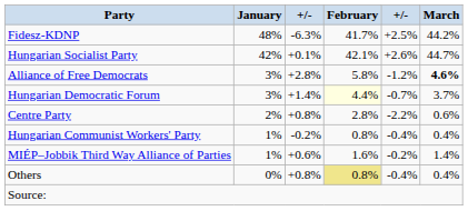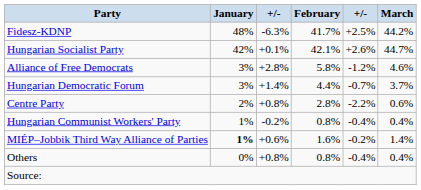 <table class="wikitable">
 <tr>
 <th style="background:#CCDDEE;">Party</th>
 <th style="background:#CCDDEE;">January</th>
 <th style="background:#CCDDEE;">+/-</th>
 <th style="background:#CCDDEE;">February</th>
 <th style="background:#CCDDEE;">+/-</th>
 <th style="background:#CCDDEE;">March</th>
 </tr>
 <tr>
 <td><a href='#'>Fidesz-KDNP</a></td>
 <td align=right>48%</td>
 <td align=right>-6.3%</td>
 <td align=right>41.7%</td>
 <td align=right>+2.5%</td>
 <td align=right>44.2%</td>
 </tr>
 <tr>
 <td><a href='#'>Hungarian Socialist Party</a></td>
 <td align=right>42%</td>
 <td align=right>+0.1%</td>
 <td align=right>42.1%</td>
 <td align=right>+2.6%</td>
 <td align=right>44.7%</td>
 </tr>
 <tr>
 <td><a href='#'>Alliance of Free Democrats</a></td>
 <td align=right>3%</td>
 <td align=right>+2.8%</td>
 <td align=right>5.8%</td>
 <td align=right>-1.2%</td>
-<td align=right><strong>4.6%</strong></td>
+<td align=right>4.6%</td>
 </tr>
 <tr>
 <td><a href='#'>Hungarian Democratic Forum</a></td>
 <td align=right>3%</td>
 <td align=right>+1.4%</td>
-<td align=right style="background: lightyellow;">4.4%</td>
+<td align=right>4.4%</td>
 <td align=right>-0.7%</td>
 <td align=right>3.7%</td>
 </tr>
 <tr>
 <td><a href='#'>Centre Party</a></td>
 <td align=right>2%</td>
 <td align=right>+0.8%</td>
 <td align=right>2.8%</td>
 <td align=right>-2.2%</td>
 <td align=right>0.6%</td>
 </tr>
 <tr>
 <td><a href='#'>Hungarian Communist Workers' Party</a></td>
 <td align=right>1%</td>
 <td align=right>-0.2%</td>
 <td align=right>0.8%</td>
 <td align=right>-0.4%</td>
 <td align=right>0.4%</td>
 </tr>
 <tr>
 <td><a href='#'>MIÉP–Jobbik Third Way Alliance of Parties</a></td>
-<td align=right>1%</td>
+<td align=right><strong>1%</strong></td>
 <td align=right>+0.6%</td>
 <td align=right>1.6%</td>
 <td align=right>-0.2%</td>
 <td align=right>1.4%</td>
 </tr>
 <tr>
 <td>Others</td>
 <td align=right>0%</td>
 <td align=right>+0.8%</td>
-<td align=right style="background: khaki;">0.8%</td>
+<td align=right>0.8%</td>
 <td align=right>-0.4%</td>
 <td align=right>0.4%</td>
 </tr>
 <tr>
 <td colspan=6>Source: </td>
 </tr>
 </table>
